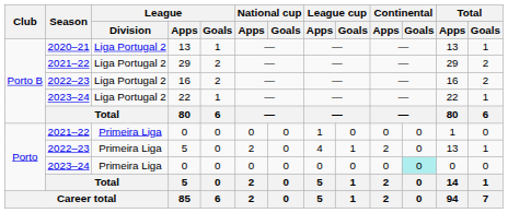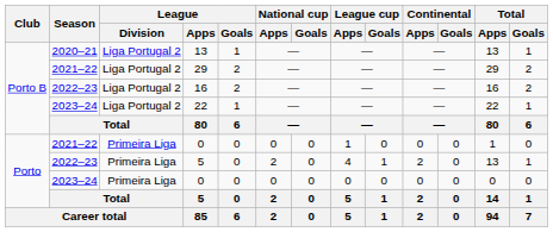 <table class="wikitable" style="text-align: center">
 <tr>
 <th rowspan="2">Club</th>
 <th rowspan="2">Season</th>
 <th colspan="3">League</th>
 <th colspan="2">National cup</th>
 <th colspan="2">League cup</th>
 <th colspan="2">Continental</th>
 <th colspan="2">Total</th>
 </tr>
 <tr>
 <th>Division</th>
 <th>Apps</th>
 <th>Goals</th>
 <th>Apps</th>
 <th>Goals</th>
 <th>Apps</th>
 <th>Goals</th>
 <th>Apps</th>
 <th>Goals</th>
 <th>Apps</th>
 <th>Goals</th>
 </tr>
 <tr>
 <td rowspan="5"><a href='#'>Porto B</a></td>
 <td><a href='#'>2020–21</a></td>
 <td><a href='#'>Liga Portugal 2</a></td>
 <td>13</td>
 <td>1</td>
 <td colspan="2">—</td>
 <td colspan="2">—</td>
 <td colspan="2">—</td>
 <td>13</td>
 <td>1</td>
 </tr>
 <tr>
 <td><a href='#'>2021–22</a></td>
 <td>Liga Portugal 2</td>
 <td>29</td>
 <td>2</td>
 <td colspan="2">—</td>
 <td colspan="2">—</td>
 <td colspan="2">—</td>
 <td>29</td>
 <td>2</td>
 </tr>
 <tr>
 <td><a href='#'>2022–23</a></td>
 <td>Liga Portugal 2</td>
 <td>16</td>
 <td>2</td>
 <td colspan="2">—</td>
 <td colspan="2">—</td>
 <td colspan="2">—</td>
 <td>16</td>
 <td>2</td>
 </tr>
 <tr>
 <td><a href='#'>2023–24</a></td>
 <td>Liga Portugal 2</td>
 <td>22</td>
 <td>1</td>
 <td colspan="2">—</td>
 <td colspan="2">—</td>
 <td colspan="2">—</td>
 <td>22</td>
 <td>1</td>
 </tr>
 <tr>
 <th colspan="2">Total</th>
 <th>80</th>
 <th>6</th>
 <th colspan="2">—</th>
 <th colspan="2">—</th>
 <th colspan="2">—</th>
 <th>80</th>
 <th>6</th>
 </tr>
 <tr>
 <td rowspan="4"><a href='#'>Porto</a></td>
 <td><a href='#'>2021–22</a></td>
 <td><a href='#'>Primeira Liga</a></td>
 <td>0</td>
 <td>0</td>
 <td>0</td>
 <td>0</td>
 <td>1</td>
 <td>0</td>
 <td>0</td>
 <td>0</td>
 <td>1</td>
 <td>0</td>
 </tr>
 <tr>
 <td><a href='#'>2022–23</a></td>
 <td>Primeira Liga</td>
 <td>5</td>
 <td>0</td>
 <td>2</td>
 <td>0</td>
 <td>4</td>
 <td>1</td>
 <td>2</td>
 <td>0</td>
 <td>13</td>
 <td>1</td>
 </tr>
 <tr>
 <td><a href='#'>2023–24</a></td>
 <td>Primeira Liga</td>
 <td>0</td>
 <td>0</td>
 <td>0</td>
 <td>0</td>
 <td>0</td>
 <td>0</td>
 <td>0</td>
-<td style="background: paleturquoise;">0</td>
+<td>0</td>
 <td>0</td>
 <td>0</td>
 </tr>
 <tr>
 <th colspan="2">Total</th>
 <th>5</th>
 <th>0</th>
 <th>2</th>
 <th>0</th>
 <th>5</th>
 <th>1</th>
 <th>2</th>
 <th>0</th>
 <th>14</th>
 <th>1</th>
 </tr>
 <tr>
 <th colspan="3"><strong>Career total</strong></th>
 <th>85</th>
 <th>6</th>
 <th>2</th>
 <th>0</th>
 <th>5</th>
 <th>1</th>
 <th>2</th>
 <th>0</th>
 <th>94</th>
 <th>7</th>
 </tr>
 </table>
